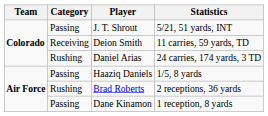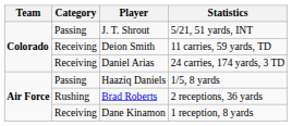 <table class="wikitable" style="float: right;">
 <tr>
 <th>Team</th>
 <th>Category</th>
 <th>Player</th>
 <th>Statistics</th>
 </tr>
 <tr>
 <td rowspan=3><strong>Colorado</strong></td>
 <td>Passing</td>
 <td>J. T. Shrout</td>
 <td>5/21, 51 yards, INT</td>
 </tr>
 <tr>
 <td>Receiving</td>
 <td>Deion Smith</td>
 <td>11 carries, 59 yards, TD</td>
 </tr>
 <tr>
-<td>Rushing</td>
+<td>Receiving</td>
 <td>Daniel Arias</td>
 <td>24 carries, 174 yards, 3 TD</td>
 </tr>
 <tr>
 <td rowspan=3><strong>Air Force</strong></td>
 <td>Passing</td>
 <td>Haaziq Daniels</td>
 <td>1/5, 8 yards</td>
 </tr>
 <tr>
 <td>Rushing</td>
 <td><a href='#'>Brad Roberts</a></td>
 <td>2 receptions, 36 yards</td>
 </tr>
 <tr>
-<td>Passing</td>
+<td>Receiving</td>
 <td>Dane Kinamon</td>
 <td>1 reception, 8 yards</td>
 </tr>
 </table>
